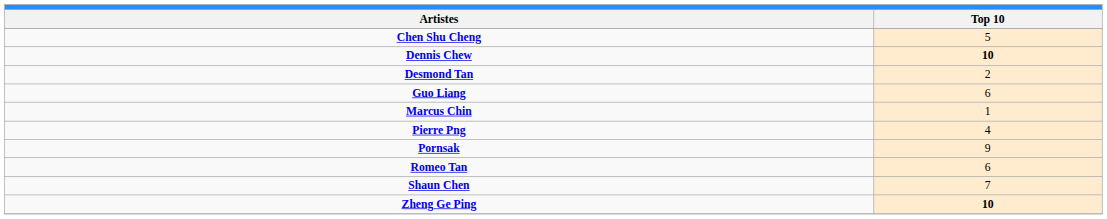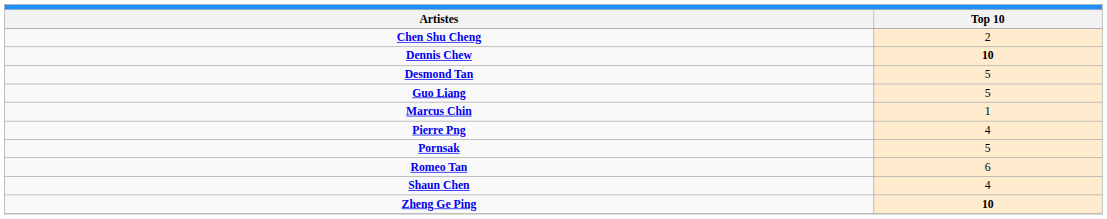 <table class="wikitable" style="width:95%">
 <tr bgcolor="#bebebe">
 <td colspan=5 data-sort-value="ω" style="background-color:#1E90FF; font-weight:bold; text-align:center;"></td>
 </tr>
 <tr>
 <th width="4%">Artistes</th>
 <th width="1%">Top 10</th>
 </tr>
 <tr>
 </tr>
 <tr>
 <td align="center"><strong><a href='#'>Chen Shu Cheng</a></strong></td>
-<td style="background:#FFEBCD; text-align:center;">5</td>
+<td style="background:#FFEBCD; text-align:center;">2</td>
 </tr>
 <tr>
 <td align="center"><strong><a href='#'>Dennis Chew</a> </strong></td>
 <td style="background:#FFEBCD; text-align:center;"><strong>10</strong></td>
 </tr>
 <tr>
 <td align="center"><strong><a href='#'>Desmond Tan</a></strong></td>
-<td style="background:#FFEBCD; text-align:center;">2</td>
+<td style="background:#FFEBCD; text-align:center;">5</td>
 </tr>
 <tr>
 <td align="center"><strong><a href='#'>Guo Liang</a></strong></td>
-<td style="background:#FFEBCD; text-align:center;">6</td>
+<td style="background:#FFEBCD; text-align:center;">5</td>
 </tr>
 <tr>
 <td align="center"><strong><a href='#'>Marcus Chin</a></strong></td>
 <td style="background:#FFEBCD; text-align:center;">1</td>
 </tr>
 <tr>
 <td align="center"><strong><a href='#'>Pierre Png</a></strong></td>
 <td style="background:#FFEBCD; text-align:center;">4</td>
 </tr>
 <tr>
 <td align="center"><strong><a href='#'>Pornsak</a></strong></td>
-<td style="background:#FFEBCD; text-align:center;">9</td>
+<td style="background:#FFEBCD; text-align:center;">5</td>
 </tr>
 <tr>
 <td align="center"><strong><a href='#'>Romeo Tan</a></strong></td>
 <td style="background:#FFEBCD; text-align:center;">6</td>
 </tr>
 <tr>
 <td align="center"><strong><a href='#'>Shaun Chen</a></strong></td>
-<td style="background:#FFEBCD; text-align:center;">7</td>
+<td style="background:#FFEBCD; text-align:center;">4</td>
 </tr>
 <tr>
 <td align="center"><strong><a href='#'>Zheng Ge Ping</a></strong></td>
 <td style="background:#FFEBCD; text-align:center;"><strong>10</strong></td>
 </tr>
 <tr>
 </tr>
 </table>
